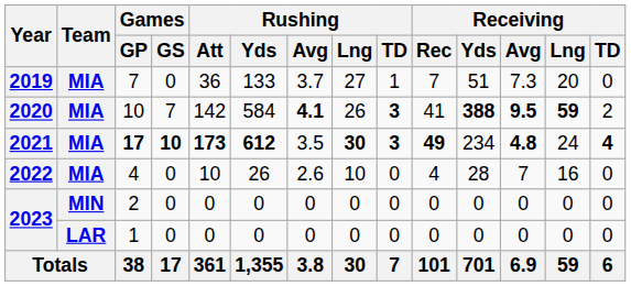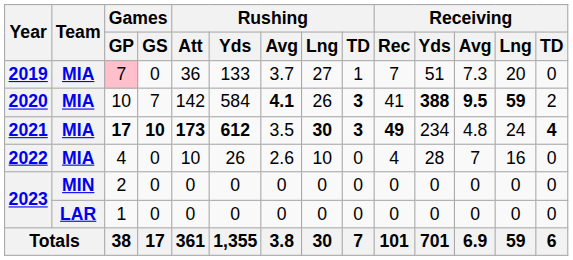 <table class="wikitable" style="text-align:center;">
 <tr>
 <th rowspan="2">Year</th>
 <th rowspan="2">Team</th>
 <th colspan="2">Games</th>
 <th colspan="5">Rushing</th>
 <th colspan="5">Receiving</th>
 </tr>
 <tr>
 <th>GP</th>
 <th>GS</th>
 <th>Att</th>
 <th>Yds</th>
 <th>Avg</th>
 <th>Lng</th>
 <th>TD</th>
 <th>Rec</th>
 <th>Yds</th>
 <th>Avg</th>
 <th>Lng</th>
 <th>TD</th>
 </tr>
 <tr>
 <th><a href='#'>2019</a></th>
 <th><a href='#'>MIA</a></th>
-<td>7</td>
+<td style="background: pink;">7</td>
 <td>0</td>
 <td>36</td>
 <td>133</td>
 <td>3.7</td>
 <td>27</td>
 <td>1</td>
 <td>7</td>
 <td>51</td>
 <td>7.3</td>
 <td>20</td>
 <td>0</td>
 </tr>
 <tr>
 <th><a href='#'>2020</a></th>
 <th><a href='#'>MIA</a></th>
 <td>10</td>
 <td>7</td>
 <td>142</td>
 <td>584</td>
 <td><strong>4.1</strong></td>
 <td>26</td>
 <td><strong>3</strong></td>
 <td>41</td>
 <td><strong>388</strong></td>
 <td><strong>9.5</strong></td>
 <td><strong>59</strong></td>
 <td>2</td>
 </tr>
 <tr>
 <th><a href='#'>2021</a></th>
 <th><a href='#'>MIA</a></th>
 <td><strong>17</strong></td>
 <td><strong>10</strong></td>
 <td><strong>173</strong></td>
 <td><strong>612</strong></td>
 <td>3.5</td>
 <td><strong>30</strong></td>
 <td><strong>3</strong></td>
 <td><strong>49</strong></td>
 <td>234</td>
-<td><strong>4.8</strong></td>
+<td>4.8</td>
 <td>24</td>
 <td><strong>4</strong></td>
 </tr>
 <tr>
 <th><a href='#'>2022</a></th>
 <th><a href='#'>MIA</a></th>
 <td>4</td>
 <td>0</td>
 <td>10</td>
 <td>26</td>
 <td>2.6</td>
 <td>10</td>
 <td>0</td>
 <td>4</td>
 <td>28</td>
 <td>7</td>
 <td>16</td>
 <td>0</td>
 </tr>
 <tr>
 <th rowspan="2"><a href='#'>2023</a></th>
 <th><a href='#'>MIN</a></th>
 <td>2</td>
 <td>0</td>
 <td>0</td>
 <td>0</td>
 <td>0</td>
 <td>0</td>
 <td>0</td>
 <td>0</td>
 <td>0</td>
 <td>0</td>
 <td>0</td>
 <td>0</td>
 </tr>
 <tr>
 <th><a href='#'>LAR</a></th>
 <td>1</td>
 <td>0</td>
 <td>0</td>
 <td>0</td>
 <td>0</td>
 <td>0</td>
 <td>0</td>
 <td>0</td>
 <td>0</td>
 <td>0</td>
 <td>0</td>
 <td>0</td>
 </tr>
 <tr>
 <th colspan="2">Totals</th>
 <th>38</th>
 <th>17</th>
 <th>361</th>
 <th>1,355</th>
 <th>3.8</th>
 <th>30</th>
 <th>7</th>
 <th>101</th>
 <th>701</th>
 <th>6.9</th>
 <th>59</th>
 <th>6</th>
 </tr>
 </table>
